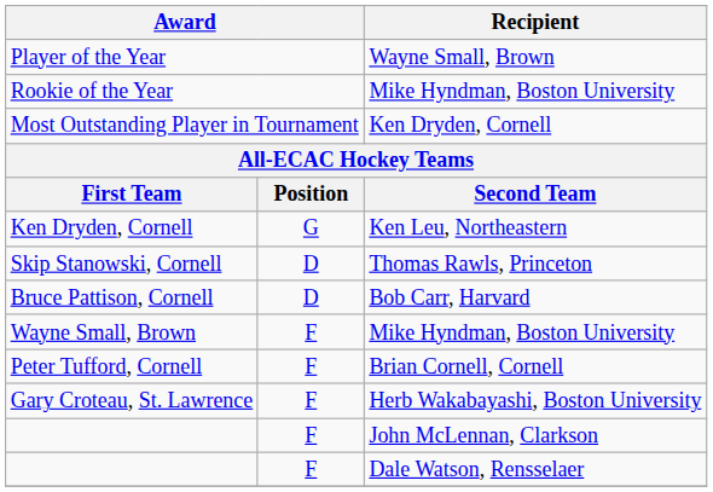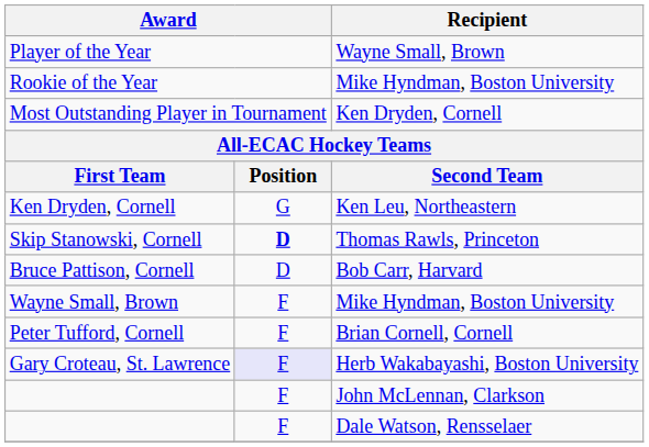 <table class="wikitable">
 <tr>
 <th colspan=2><a href='#'>Award</a></th>
 <th>Recipient</th>
 </tr>
 <tr>
 <td colspan=2><a href='#'>Player of the Year</a></td>
 <td><a href='#'>Wayne Small</a>, <a href='#'>Brown</a></td>
 </tr>
 <tr>
 <td colspan=2><a href='#'>Rookie of the Year</a></td>
 <td><a href='#'>Mike Hyndman</a>, <a href='#'>Boston University</a></td>
 </tr>
 <tr>
 <td colspan=2><a href='#'>Most Outstanding Player in Tournament</a></td>
 <td><a href='#'>Ken Dryden</a>, <a href='#'>Cornell</a></td>
 </tr>
 <tr>
 <th colspan=3><a href='#'>All-ECAC Hockey Teams</a></th>
 </tr>
 <tr>
 <th><a href='#'>First Team</a></th>
 <th>  Position  </th>
 <th><a href='#'>Second Team</a></th>
 </tr>
 <tr>
 <td><a href='#'>Ken Dryden</a>, <a href='#'>Cornell</a></td>
 <td align=center><a href='#'>G</a></td>
 <td><a href='#'>Ken Leu</a>, <a href='#'>Northeastern</a></td>
 </tr>
 <tr>
 <td><a href='#'>Skip Stanowski</a>, <a href='#'>Cornell</a></td>
-<td align=center><a href='#'>D</a></td>
+<td align=center><strong><a href='#'>D</a></strong></td>
 <td><a href='#'>Thomas Rawls</a>, <a href='#'>Princeton</a></td>
 </tr>
 <tr>
 <td><a href='#'>Bruce Pattison</a>, <a href='#'>Cornell</a></td>
 <td align=center><a href='#'>D</a></td>
 <td><a href='#'>Bob Carr</a>, <a href='#'>Harvard</a></td>
 </tr>
 <tr>
 <td><a href='#'>Wayne Small</a>, <a href='#'>Brown</a></td>
 <td align=center><a href='#'>F</a></td>
 <td><a href='#'>Mike Hyndman</a>, <a href='#'>Boston University</a></td>
 </tr>
 <tr>
 <td><a href='#'>Peter Tufford</a>, <a href='#'>Cornell</a></td>
 <td align=center><a href='#'>F</a></td>
 <td><a href='#'>Brian Cornell</a>, <a href='#'>Cornell</a></td>
 </tr>
 <tr>
 <td><a href='#'>Gary Croteau</a>, <a href='#'>St. Lawrence</a></td>
-<td align=center><a href='#'>F</a></td>
+<td align=center style="background: lavender;"><a href='#'>F</a></td>
 <td><a href='#'>Herb Wakabayashi</a>, <a href='#'>Boston University</a></td>
 </tr>
 <tr>
 <td></td>
 <td align=center><a href='#'>F</a></td>
 <td><a href='#'>John McLennan</a>, <a href='#'>Clarkson</a></td>
 </tr>
 <tr>
 <td></td>
 <td align=center><a href='#'>F</a></td>
 <td><a href='#'>Dale Watson</a>, <a href='#'>Rensselaer</a></td>
 </tr>
 <tr>
 </tr>
 </table>
